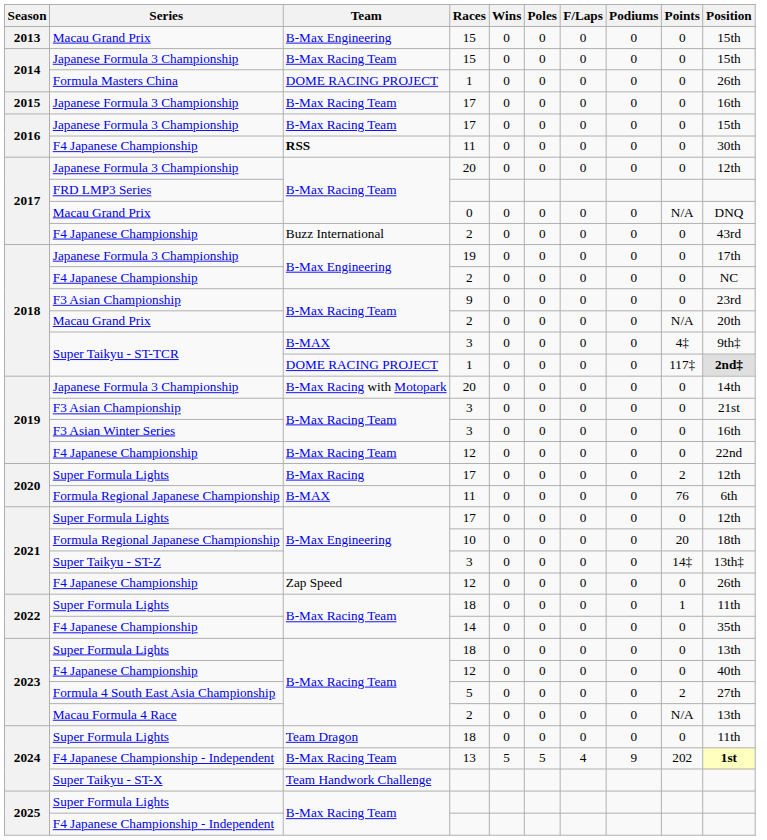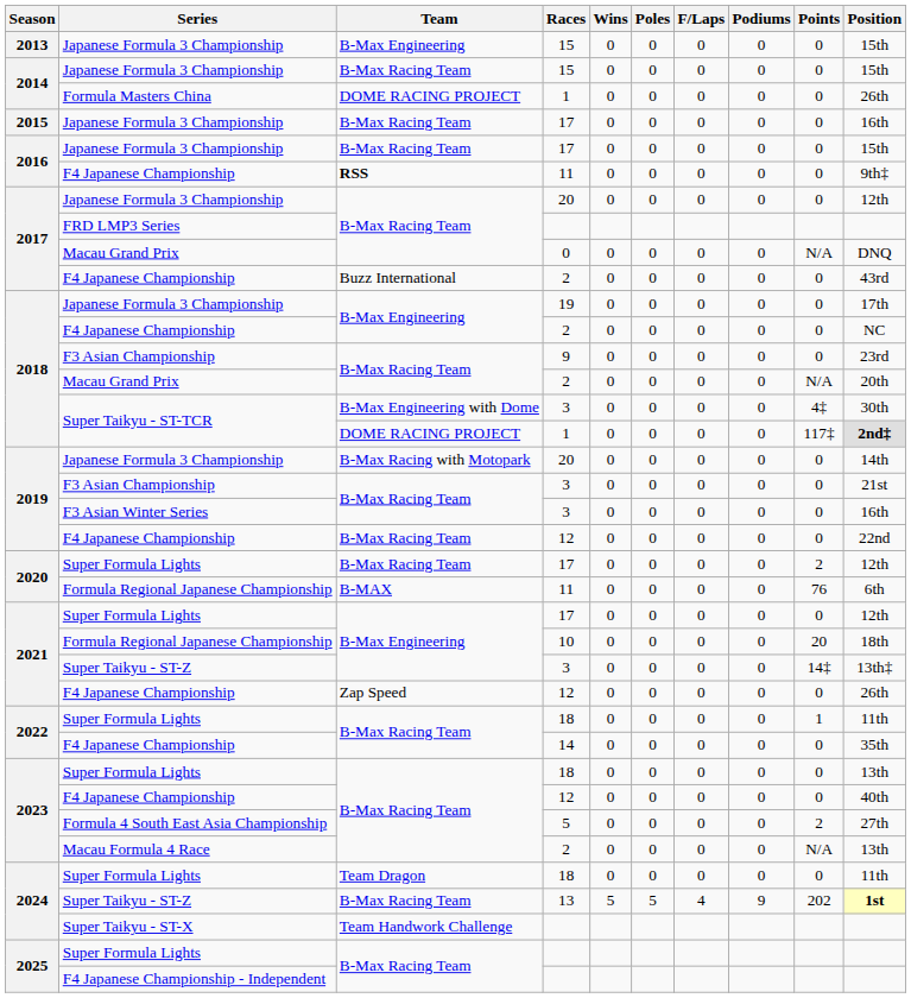 <table class="wikitable" style="font-size: 90%; text-align:center">
 <tr>
 <th>Season</th>
 <th>Series</th>
 <th>Team</th>
 <th>Races</th>
 <th>Wins</th>
 <th>Poles</th>
 <th>F/Laps</th>
 <th>Podiums</th>
 <th>Points</th>
 <th>Position</th>
 </tr>
 <tr>
 <th>2013</th>
-<td align=left><a href='#'>Macau Grand Prix</a></td>
+<td align=left><a href='#'>Japanese Formula 3 Championship</a></td>
 <td align=left><a href='#'>B-Max Engineering</a></td>
 <td>15</td>
 <td>0</td>
 <td>0</td>
 <td>0</td>
 <td>0</td>
 <td>0</td>
 <td>15th</td>
 </tr>
 <tr>
 <th rowspan="2">2014</th>
 <td align=left><a href='#'>Japanese Formula 3 Championship</a></td>
 <td align=left><a href='#'>B-Max Racing Team</a></td>
 <td>15</td>
 <td>0</td>
 <td>0</td>
 <td>0</td>
 <td>0</td>
 <td>0</td>
 <td>15th</td>
 </tr>
 <tr>
 <td align=left><a href='#'>Formula Masters China</a></td>
 <td align=left><a href='#'>DOME RACING PROJECT</a></td>
 <td>1</td>
 <td>0</td>
 <td>0</td>
 <td>0</td>
 <td>0</td>
 <td>0</td>
 <td>26th</td>
 </tr>
 <tr>
 <th>2015</th>
 <td align=left><a href='#'>Japanese Formula 3 Championship</a></td>
 <td align=left><a href='#'>B-Max Racing Team</a></td>
 <td>17</td>
 <td>0</td>
 <td>0</td>
 <td>0</td>
 <td>0</td>
 <td>0</td>
 <td>16th</td>
 </tr>
 <tr>
 <th rowspan=2>2016</th>
 <td align=left><a href='#'>Japanese Formula 3 Championship</a></td>
 <td align=left><a href='#'>B-Max Racing Team</a></td>
 <td>17</td>
 <td>0</td>
 <td>0</td>
 <td>0</td>
 <td>0</td>
 <td>0</td>
 <td>15th</td>
 </tr>
 <tr>
 <td align=left><a href='#'>F4 Japanese Championship</a></td>
 <td align=left><strong>RSS</strong></td>
 <td>11</td>
 <td>0</td>
 <td>0</td>
 <td>0</td>
 <td>0</td>
 <td>0</td>
-<td>30th</td>
+<td>9th‡</td>
 </tr>
 <tr>
 <th rowspan="4">2017</th>
 <td align=left><a href='#'>Japanese Formula 3 Championship</a></td>
 <td rowspan="3" align="left"><a href='#'>B-Max Racing Team</a></td>
 <td>20</td>
 <td>0</td>
 <td>0</td>
 <td>0</td>
 <td>0</td>
 <td>0</td>
 <td>12th</td>
 </tr>
 <tr>
 <td align=left><a href='#'>FRD LMP3 Series</a></td>
 <td></td>
 <td></td>
 <td></td>
 <td></td>
 <td></td>
 <td></td>
 <td></td>
 </tr>
 <tr>
 <td align=left><a href='#'>Macau Grand Prix</a></td>
 <td>0</td>
 <td>0</td>
 <td>0</td>
 <td>0</td>
 <td>0</td>
 <td>N/A</td>
 <td>DNQ</td>
 </tr>
 <tr>
 <td align=left><a href='#'>F4 Japanese Championship</a></td>
 <td align=left>Buzz International</td>
 <td>2</td>
 <td>0</td>
 <td>0</td>
 <td>0</td>
 <td>0</td>
 <td>0</td>
 <td>43rd</td>
 </tr>
 <tr>
 <th rowspan="6">2018</th>
 <td align=left><a href='#'>Japanese Formula 3 Championship</a></td>
 <td rowspan="2" align="left"><a href='#'>B-Max Engineering</a></td>
 <td>19</td>
 <td>0</td>
 <td>0</td>
 <td>0</td>
 <td>0</td>
 <td>0</td>
 <td>17th</td>
 </tr>
 <tr>
 <td align=left><a href='#'>F4 Japanese Championship</a></td>
 <td>2</td>
 <td>0</td>
 <td>0</td>
 <td>0</td>
 <td>0</td>
 <td>0</td>
 <td>NC</td>
 </tr>
 <tr>
 <td align="left"><a href='#'>F3 Asian Championship</a></td>
 <td rowspan="2" align="left"><a href='#'>B-Max Racing Team</a></td>
 <td>9</td>
 <td>0</td>
 <td>0</td>
 <td>0</td>
 <td>0</td>
 <td>0</td>
 <td>23rd</td>
 </tr>
 <tr>
 <td align=left><a href='#'>Macau Grand Prix</a></td>
 <td>2</td>
 <td>0</td>
 <td>0</td>
 <td>0</td>
 <td>0</td>
 <td>N/A</td>
 <td>20th</td>
 </tr>
 <tr>
 <td rowspan="2" align=left><a href='#'>Super Taikyu - ST-TCR</a></td>
-<td align=left><a href='#'>B-MAX</a></td>
+<td align=left nowrap><a href='#'>B-Max Engineering</a> with <a href='#'>Dome</a></td>
 <td>3</td>
 <td>0</td>
 <td>0</td>
 <td>0</td>
 <td>0</td>
 <td>4‡</td>
-<td>9th‡</td>
+<td>30th</td>
 </tr>
 <tr>
 <td align=left><a href='#'>DOME RACING PROJECT</a></td>
 <td>1</td>
 <td>0</td>
 <td>0</td>
 <td>0</td>
 <td>0</td>
 <td>117‡</td>
 <td style="background:#DFDFDF"><strong>2nd‡</strong></td>
 </tr>
 <tr>
 <th rowspan="4">2019</th>
 <td align=left><a href='#'>Japanese Formula 3 Championship</a></td>
 <td align=left><a href='#'>B-Max Racing</a> with <a href='#'>Motopark</a></td>
 <td>20</td>
 <td>0</td>
 <td>0</td>
 <td>0</td>
 <td>0</td>
 <td>0</td>
 <td>14th</td>
 </tr>
 <tr>
 <td align=left><a href='#'>F3 Asian Championship</a></td>
 <td rowspan="2" align="left"><a href='#'>B-Max Racing Team</a></td>
 <td>3</td>
 <td>0</td>
 <td>0</td>
 <td>0</td>
 <td>0</td>
 <td>0</td>
 <td>21st</td>
 </tr>
 <tr>
 <td align=left><a href='#'>F3 Asian Winter Series</a></td>
 <td>3</td>
 <td>0</td>
 <td>0</td>
 <td>0</td>
 <td>0</td>
 <td>0</td>
 <td>16th</td>
 </tr>
 <tr>
 <td align=left><a href='#'>F4 Japanese Championship</a></td>
 <td align=left><a href='#'>B-Max Racing Team</a></td>
 <td>12</td>
 <td>0</td>
 <td>0</td>
 <td>0</td>
 <td>0</td>
 <td>0</td>
 <td>22nd</td>
 </tr>
 <tr>
 <th rowspan="2">2020</th>
 <td align=left><a href='#'>Super Formula Lights</a></td>
-<td align=left><a href='#'>B-Max Racing</a></td>
+<td align=left><a href='#'>B-Max Racing Team</a></td>
 <td>17</td>
 <td>0</td>
 <td>0</td>
 <td>0</td>
 <td>0</td>
 <td>2</td>
 <td>12th</td>
 </tr>
 <tr>
 <td align=left nowrap><a href='#'>Formula Regional Japanese Championship</a></td>
 <td align=left><a href='#'>B-MAX</a></td>
 <td>11</td>
 <td>0</td>
 <td>0</td>
 <td>0</td>
 <td>0</td>
 <td>76</td>
 <td>6th</td>
 </tr>
 <tr>
 <th rowspan="4">2021</th>
 <td align=left><a href='#'>Super Formula Lights</a></td>
 <td rowspan="3" align="left"><a href='#'>B-Max Engineering</a></td>
 <td>17</td>
 <td>0</td>
 <td>0</td>
 <td>0</td>
 <td>0</td>
 <td>0</td>
 <td>12th</td>
 </tr>
 <tr>
 <td align=left><a href='#'>Formula Regional Japanese Championship</a></td>
 <td>10</td>
 <td>0</td>
 <td>0</td>
 <td>0</td>
 <td>0</td>
 <td>20</td>
 <td>18th</td>
 </tr>
 <tr>
 <td align=left><a href='#'>Super Taikyu - ST-Z</a></td>
 <td>3</td>
 <td>0</td>
 <td>0</td>
 <td>0</td>
 <td>0</td>
 <td>14‡</td>
 <td>13th‡</td>
 </tr>
 <tr>
 <td align=left><a href='#'>F4 Japanese Championship</a></td>
 <td align=left>Zap Speed</td>
 <td>12</td>
 <td>0</td>
 <td>0</td>
 <td>0</td>
 <td>0</td>
 <td>0</td>
 <td>26th</td>
 </tr>
 <tr>
 <th rowspan="2">2022</th>
 <td align=left><a href='#'>Super Formula Lights</a></td>
 <td rowspan="2" align="left"><a href='#'>B-Max Racing Team</a></td>
 <td>18</td>
 <td>0</td>
 <td>0</td>
 <td>0</td>
 <td>0</td>
 <td>1</td>
 <td>11th</td>
 </tr>
 <tr>
 <td align=left><a href='#'>F4 Japanese Championship</a></td>
 <td>14</td>
 <td>0</td>
 <td>0</td>
 <td>0</td>
 <td>0</td>
 <td>0</td>
 <td>35th</td>
 </tr>
 <tr>
 <th rowspan="4">2023</th>
 <td align=left><a href='#'>Super Formula Lights</a></td>
 <td rowspan="4" align="left"><a href='#'>B-Max Racing Team</a></td>
 <td>18</td>
 <td>0</td>
 <td>0</td>
 <td>0</td>
 <td>0</td>
 <td>0</td>
 <td>13th</td>
 </tr>
 <tr>
 <td align=left><a href='#'>F4 Japanese Championship</a></td>
 <td>12</td>
 <td>0</td>
 <td>0</td>
 <td>0</td>
 <td>0</td>
 <td>0</td>
 <td>40th</td>
 </tr>
 <tr>
 <td align=left><a href='#'>Formula 4 South East Asia Championship</a></td>
 <td>5</td>
 <td>0</td>
 <td>0</td>
 <td>0</td>
 <td>0</td>
 <td>2</td>
 <td>27th</td>
 </tr>
 <tr>
 <td align=left><a href='#'>Macau Formula 4 Race</a></td>
 <td>2</td>
 <td>0</td>
 <td>0</td>
 <td>0</td>
 <td>0</td>
 <td>N/A</td>
 <td>13th</td>
 </tr>
 <tr>
 <th rowspan="3">2024</th>
 <td align=left><a href='#'>Super Formula Lights</a></td>
 <td align="left"><a href='#'>Team Dragon</a></td>
 <td>18</td>
 <td>0</td>
 <td>0</td>
 <td>0</td>
 <td>0</td>
 <td>0</td>
 <td>11th</td>
 </tr>
 <tr>
-<td align=left><a href='#'>F4 Japanese Championship - Independent</a></td>
+<td align=left><a href='#'>Super Taikyu - ST-Z</a></td>
 <td align=left><a href='#'>B-Max Racing Team</a></td>
 <td>13</td>
 <td>5</td>
 <td>5</td>
 <td>4</td>
 <td>9</td>
 <td>202</td>
 <td style="background:#FFFFBF"><strong>1st</strong></td>
 </tr>
 <tr>
 <td align=left><a href='#'>Super Taikyu - ST-X</a></td>
 <td align=left><a href='#'>Team Handwork Challenge</a></td>
 <td></td>
 <td></td>
 <td></td>
 <td></td>
 <td></td>
 <td></td>
 <td></td>
 </tr>
 <tr>
 <th rowspan="2">2025</th>
 <td align=left><a href='#'>Super Formula Lights</a></td>
 <td rowspan="2" align=left><a href='#'>B-Max Racing Team</a></td>
 <td></td>
 <td></td>
 <td></td>
 <td></td>
 <td></td>
 <td></td>
 <td></td>
 </tr>
 <tr>
 <td align=left><a href='#'>F4 Japanese Championship - Independent</a></td>
 <td></td>
 <td></td>
 <td></td>
 <td></td>
 <td></td>
 <td></td>
 <td></td>
 </tr>
 </table>
